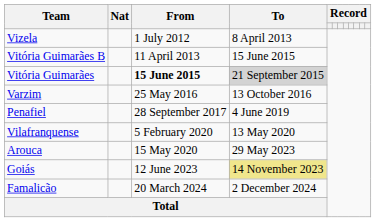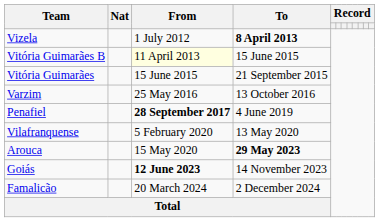 <table class="wikitable" style="text-align: center">
 <tr>
 <th rowspan="2">Team</th>
 <th rowspan="2">Nat</th>
 <th rowspan="2">From</th>
 <th rowspan="2">To</th>
 <th colspan="8">Record</th>
 </tr>
 <tr>
 <th></th>
 <th></th>
 <th></th>
 <th></th>
 <th></th>
 <th></th>
 <th></th>
 <th></th>
 </tr>
 <tr>
 <td align=left><a href='#'>Vizela</a></td>
 <td></td>
 <td align=left>1 July 2012</td>
-<td align=left>8 April 2013<br></td>
+<td align=left><strong>8 April 2013<br></strong></td>
 </tr>
 <tr>
 <td align=left><a href='#'>Vitória Guimarães B</a></td>
 <td></td>
-<td align=left>11 April 2013</td>
+<td align=left style="background: lightyellow;">11 April 2013</td>
 <td align=left>15 June 2015<br></td>
 </tr>
 <tr>
 <td align=left><a href='#'>Vitória Guimarães</a></td>
 <td></td>
-<td align=left><strong>15 June 2015</strong></td>
-<td align=left style="background: lightgrey;">21 September 2015<br></td>
+<td align=left>15 June 2015</td>
+<td align=left>21 September 2015<br></td>
 </tr>
 <tr>
 <td align=left><a href='#'>Varzim</a></td>
 <td></td>
 <td align=left>25 May 2016</td>
 <td align=left>13 October 2016<br></td>
 </tr>
 <tr>
 <td align=left><a href='#'>Penafiel</a></td>
 <td></td>
-<td align=left>28 September 2017</td>
+<td align=left><strong>28 September 2017</strong></td>
 <td align=left>4 June 2019<br></td>
 </tr>
 <tr>
 <td align=left><a href='#'>Vilafranquense</a></td>
 <td></td>
 <td align=left>5 February 2020</td>
 <td align=left>13 May 2020<br></td>
 </tr>
 <tr>
 <td align=left><a href='#'>Arouca</a></td>
 <td></td>
 <td align=left>15 May 2020</td>
-<td align=left>29 May 2023<br></td>
+<td align=left><strong>29 May 2023<br></strong></td>
 </tr>
 <tr>
 <td align=left><a href='#'>Goiás</a></td>
 <td></td>
-<td align=left>12 June 2023</td>
-<td align=left style="background: khaki;">14 November 2023<br></td>
+<td align=left><strong>12 June 2023</strong></td>
+<td align=left>14 November 2023<br></td>
 </tr>
 <tr>
 <td align=left><a href='#'>Famalicão</a></td>
 <td></td>
 <td align=left>20 March 2024</td>
 <td align=left>2 December 2024<br></td>
 </tr>
 <tr>
 <th colspan="4">Total<br></th>
 </tr>
 </table>
